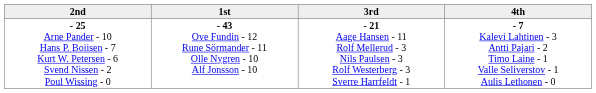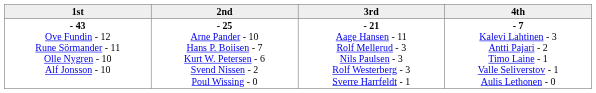 <table border=1 cellpadding=2 cellspacing=0 width=75% style="border-collapse:collapse">
 <tr align=center style="background:#efefef;">
+<th width=20% >1st</th>
 <th width=20% >2nd</th>
-<th width=20% >1st</th>
 <th width=20% >3rd</th>
 <th width=20%>4th</th>
 </tr>
 <tr align=center>
+<td valign=top ><strong> - 43</strong><br><a href='#'>Ove Fundin</a> - 12<br><a href='#'>Rune Sörmander</a> - 11<br><a href='#'>Olle Nygren</a> - 10<br><a href='#'>Alf Jonsson</a> - 10</td>
 <td valign=top ><strong> - 25</strong><br><a href='#'>Arne Pander</a> - 10<br><a href='#'>Hans P. Boiisen</a> - 7<br><a href='#'>Kurt W. Petersen</a> - 6<br><a href='#'>Svend Nissen</a> - 2<br><a href='#'>Poul Wissing</a> - 0</td>
-<td valign=top ><strong> - 43</strong><br><a href='#'>Ove Fundin</a> - 12<br><a href='#'>Rune Sörmander</a> - 11<br><a href='#'>Olle Nygren</a> - 10<br><a href='#'>Alf Jonsson</a> - 10</td>
 <td valign=top ><strong> - 21</strong><br><a href='#'>Aage Hansen</a> - 11<br><a href='#'>Rolf Mellerud</a> - 3<br><a href='#'>Nils Paulsen</a> - 3<br><a href='#'>Rolf Westerberg</a> - 3<br><a href='#'>Sverre Harrfeldt</a> - 1</td>
 <td valign=top><strong> - 7</strong><br><a href='#'>Kalevi Lahtinen</a> - 3<br><a href='#'>Antti Pajari</a> - 2<br><a href='#'>Timo Laine</a> - 1<br><a href='#'>Valle Seliverstov</a>  - 1<br><a href='#'>Aulis Lethonen</a> - 0</td>
 </tr>
 </table>
